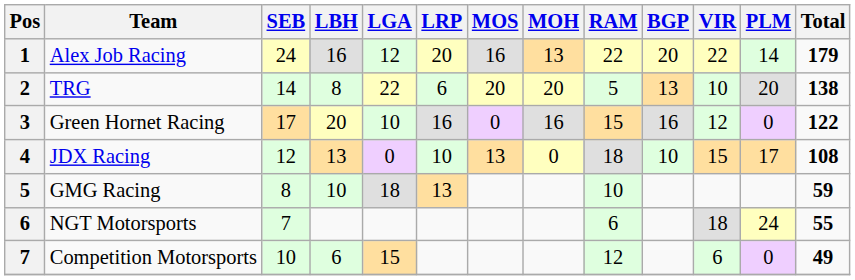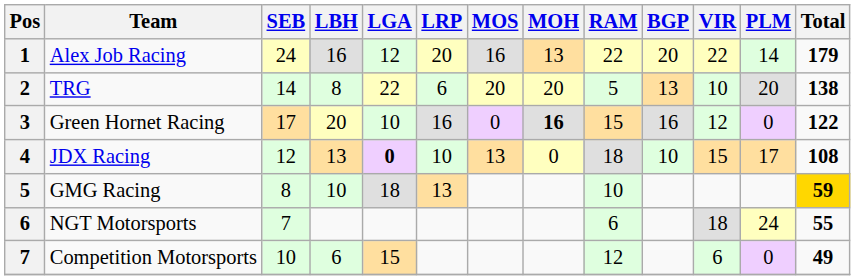 <table class="wikitable" style="font-size: 90%; text-align:center;">
 <tr>
 <th>Pos</th>
 <th>Team</th>
 <th><a href='#'>SEB</a></th>
 <th><a href='#'>LBH</a></th>
 <th><a href='#'>LGA</a></th>
 <th><a href='#'>LRP</a></th>
 <th><a href='#'>MOS</a></th>
 <th><a href='#'>MOH</a></th>
 <th><a href='#'>RAM</a></th>
 <th><a href='#'>BGP</a></th>
 <th><a href='#'>VIR</a></th>
 <th><a href='#'>PLM</a></th>
 <th>Total</th>
 </tr>
 <tr>
 <th>1</th>
 <td align=left> <a href='#'>Alex Job Racing</a></td>
 <td style="background:#FFFFBF;”">24</td>
 <td style="background:#DFDFDF;”">16</td>
 <td style="background:#DFFFDF;">12</td>
 <td style="background:#FFFFBF;”">20</td>
 <td style="background:#DFDFDF;”">16</td>
 <td style="background:#FFDF9F;”">13</td>
 <td style="background:#FFFFBF;”">22</td>
 <td style="background:#FFFFBF;”">20</td>
 <td style="background:#FFFFBF;”">22</td>
 <td style="background:#DFFFDF;">14</td>
 <td><strong>179</strong></td>
 </tr>
 <tr>
 <th>2</th>
 <td align=left> <a href='#'>TRG</a></td>
 <td style="background:#DFFFDF;">14</td>
 <td style="background:#DFFFDF;">8</td>
 <td style="background:#FFFFBF;”">22</td>
 <td style="background:#DFFFDF;">6</td>
 <td style="background:#FFFFBF;”">20</td>
 <td style="background:#FFFFBF;”">20</td>
 <td style="background:#DFFFDF;">5</td>
 <td style="background:#FFDF9F;”">13</td>
 <td style="background:#DFFFDF;">10</td>
 <td style="background:#DFDFDF;”">20</td>
 <td><strong>138</strong></td>
 </tr>
 <tr>
 <th>3</th>
 <td align=left> Green Hornet Racing</td>
 <td style="background:#FFDF9F;”">17</td>
 <td style="background:#FFFFBF;”">20</td>
 <td style="background:#DFFFDF;">10</td>
 <td style="background:#DFDFDF;”">16</td>
 <td style="background:#EFCFFF;">0</td>
-<td style="background:#DFDFDF;”">16</td>
+<td style="background:#DFDFDF;”"><strong>16</strong></td>
 <td style="background:#FFDF9F;”">15</td>
 <td style="background:#DFDFDF;”">16</td>
 <td style="background:#DFFFDF;">12</td>
 <td style="background:#EFCFFF;">0</td>
 <td><strong>122</strong></td>
 </tr>
 <tr>
 <th>4</th>
 <td align=left> <a href='#'>JDX Racing</a></td>
 <td style="background:#DFFFDF;">12</td>
 <td style="background:#FFDF9F;”">13</td>
-<td style="background:#EFCFFF;">0</td>
+<td style="background:#EFCFFF;"><strong>0</strong></td>
 <td style="background:#DFFFDF;">10</td>
 <td style="background:#FFDF9F;”">13</td>
 <td style="background:#FFFFBF;”">0</td>
 <td style="background:#DFDFDF;”">18</td>
 <td style="background:#DFFFDF;">10</td>
 <td style="background:#FFDF9F;”">15</td>
 <td style="background:#FFDF9F;”">17</td>
 <td><strong>108</strong></td>
 </tr>
 <tr>
 <th>5</th>
 <td align=left> GMG Racing</td>
 <td style="background:#DFFFDF;">8</td>
 <td style="background:#DFFFDF;">10</td>
 <td style="background:#DFDFDF;”">18</td>
 <td style="background:#FFDF9F;”">13</td>
 <td></td>
 <td></td>
 <td style="background:#DFFFDF;">10</td>
 <td></td>
 <td></td>
 <td></td>
-<td><strong>59</strong></td>
+<td style="background: gold;"><strong>59</strong></td>
 </tr>
 <tr>
 <th>6</th>
 <td align=left> NGT Motorsports</td>
 <td style="background:#DFFFDF;">7</td>
 <td></td>
 <td></td>
 <td></td>
 <td></td>
 <td></td>
 <td style="background:#DFFFDF;">6</td>
 <td></td>
 <td style="background:#DFDFDF;”">18</td>
 <td style="background:#FFFFBF;”">24</td>
 <td><strong>55</strong></td>
 </tr>
 <tr>
 <th>7</th>
 <td align=left> Competition Motorsports</td>
 <td style="background:#DFFFDF;">10</td>
 <td style="background:#DFFFDF;">6</td>
 <td style="background:#FFDF9F;”">15</td>
 <td></td>
 <td></td>
 <td></td>
 <td style="background:#DFFFDF;">12</td>
 <td></td>
 <td style="background:#DFFFDF;">6</td>
 <td style="background:#EFCFFF;">0</td>
 <td><strong>49</strong></td>
 </tr>
 <tr>
 </tr>
 </table>
